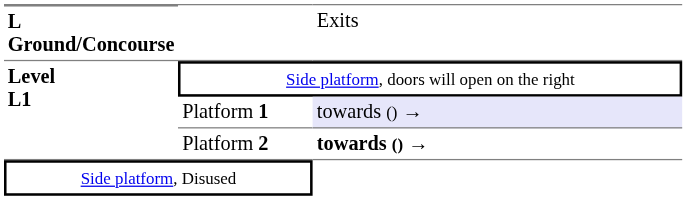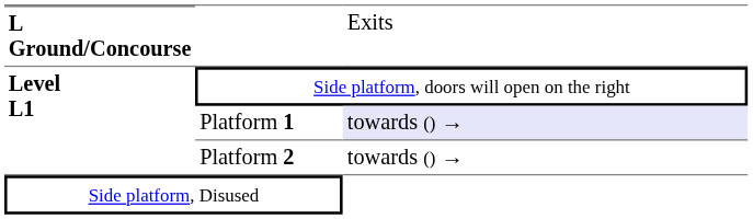 <table table border=0 cellspacing=0 cellpadding=3>
 <tr>
 <td style="border-bottom:solid 1px gray;border-top:solid 2px gray;" width=50 valign=top><strong>L<br>Ground/Concourse</strong></td>
 <td style="border-top:solid 1px gray;border-bottom:solid 1px gray;" width=100 valign=top></td>
 <td style="border-top:solid 1px gray;border-bottom:solid 1px gray;" width=285 valign=top>Exits</td>
 </tr>
 <tr>
 <td style="border-bottom:solid 1px gray;" rowspan=4 valign=top><strong>Level<br>L1</strong></td>
 <td style="border-top:solid 2px black;border-right:solid 2px black;border-left:solid 2px black;border-bottom:solid 2px black;text-align:center;" colspan=2><small><a href='#'>Side platform</a>, doors will open on the right</small></td>
 </tr>
 <tr>
 <td style="border-bottom:solid 1px gray;">Platform <span><strong>1</strong></span></td>
 <td style="background: lavender; border-bottom:solid 1px gray;"> towards  <small>()</small> →</td>
 </tr>
 <tr>
 <td style="border-bottom:solid 1px gray;">Platform <span><strong>2</strong></span></td>
-<td style="border-bottom:solid 1px gray;"><strong> towards  <small>()</small> →</strong></td>
+<td style="border-bottom:solid 1px gray;"> towards  <small>()</small> →</td>
 </tr>
 <tr>
 </tr>
 <tr>
 <td style="border-top:solid 2px black;border-left:solid 2px black;border-right:solid 2px black;border-bottom:solid 2px black;text-align:center;" colspan=2><small><a href='#'>Side platform</a>, Disused </small></td>
 </tr>
 </table>
